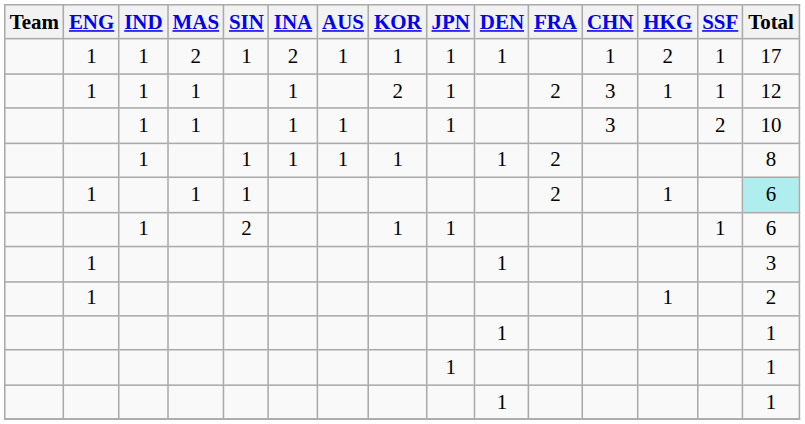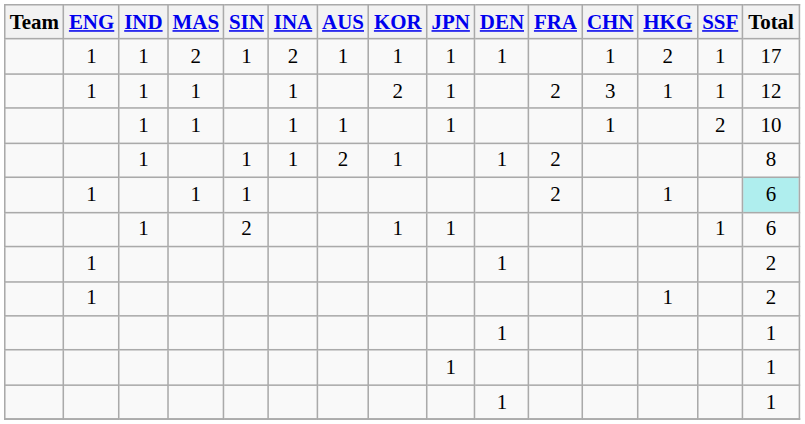 <table class=wikitable style="font-size:85%; text-align:center">
 <tr>
 <th>Team</th>
 <th><a href='#'>ENG</a></th>
 <th><a href='#'>IND</a></th>
 <th><a href='#'>MAS</a></th>
 <th><a href='#'>SIN</a></th>
 <th><a href='#'>INA</a></th>
 <th><a href='#'>AUS</a></th>
 <th><a href='#'>KOR</a></th>
 <th><a href='#'>JPN</a></th>
 <th><a href='#'>DEN</a></th>
 <th><a href='#'>FRA</a></th>
 <th><a href='#'>CHN</a></th>
 <th><a href='#'>HKG</a></th>
 <th><a href='#'>SSF</a></th>
 <th>Total</th>
 </tr>
 <tr>
 <td align=left></td>
 <td>1</td>
 <td>1</td>
 <td>2</td>
 <td>1</td>
 <td>2</td>
 <td>1</td>
 <td>1</td>
 <td>1</td>
 <td>1</td>
 <td></td>
 <td>1</td>
 <td>2</td>
 <td>1</td>
 <td>17</td>
 </tr>
 <tr>
 <td align=left></td>
 <td>1</td>
 <td>1</td>
 <td>1</td>
 <td></td>
 <td>1</td>
 <td></td>
 <td>2</td>
 <td>1</td>
 <td></td>
 <td>2</td>
 <td>3</td>
 <td>1</td>
 <td>1</td>
 <td>12</td>
 </tr>
 <tr>
 <td align=left></td>
 <td></td>
 <td>1</td>
 <td>1</td>
 <td></td>
 <td>1</td>
 <td>1</td>
 <td></td>
 <td>1</td>
 <td></td>
 <td></td>
-<td>3</td>
+<td>1</td>
 <td></td>
 <td>2</td>
 <td>10</td>
 </tr>
 <tr>
 <td align="left"></td>
 <td></td>
 <td>1</td>
 <td></td>
 <td>1</td>
 <td>1</td>
-<td>1</td>
+<td>2</td>
 <td>1</td>
 <td></td>
 <td>1</td>
 <td>2</td>
 <td></td>
 <td></td>
 <td></td>
 <td>8</td>
 </tr>
 <tr>
 <td align=left></td>
 <td>1</td>
 <td></td>
 <td>1</td>
 <td>1</td>
 <td></td>
 <td></td>
 <td></td>
 <td></td>
 <td></td>
 <td>2</td>
 <td></td>
 <td>1</td>
 <td></td>
 <td style="background: paleturquoise;">6</td>
 </tr>
 <tr>
 <td align=left></td>
 <td></td>
 <td>1</td>
 <td></td>
 <td>2</td>
 <td></td>
 <td></td>
 <td>1</td>
 <td>1</td>
 <td></td>
 <td></td>
 <td></td>
 <td></td>
 <td>1</td>
 <td>6</td>
 </tr>
 <tr>
 <td align="left"></td>
 <td>1</td>
 <td></td>
 <td></td>
 <td></td>
 <td></td>
 <td></td>
 <td></td>
 <td></td>
 <td>1</td>
 <td></td>
 <td></td>
 <td></td>
 <td></td>
-<td>3</td>
+<td>2</td>
 </tr>
 <tr>
 <td align=left></td>
 <td>1</td>
 <td></td>
 <td></td>
 <td></td>
 <td></td>
 <td></td>
 <td></td>
 <td></td>
 <td></td>
 <td></td>
 <td></td>
 <td>1</td>
 <td></td>
 <td>2</td>
 </tr>
 <tr>
 <td align=left></td>
 <td></td>
 <td></td>
 <td></td>
 <td></td>
 <td></td>
 <td></td>
 <td></td>
 <td></td>
 <td>1</td>
 <td></td>
 <td></td>
 <td></td>
 <td></td>
 <td>1</td>
 </tr>
 <tr>
 <td align=left></td>
 <td></td>
 <td></td>
 <td></td>
 <td></td>
 <td></td>
 <td></td>
 <td></td>
 <td>1</td>
 <td></td>
 <td></td>
 <td></td>
 <td></td>
 <td></td>
 <td>1</td>
 </tr>
 <tr>
 <td align=left></td>
 <td></td>
 <td></td>
 <td></td>
 <td></td>
 <td></td>
 <td></td>
 <td></td>
 <td></td>
 <td>1</td>
 <td></td>
 <td></td>
 <td></td>
 <td></td>
 <td>1</td>
 </tr>
 <tr>
 </tr>
 </table>
